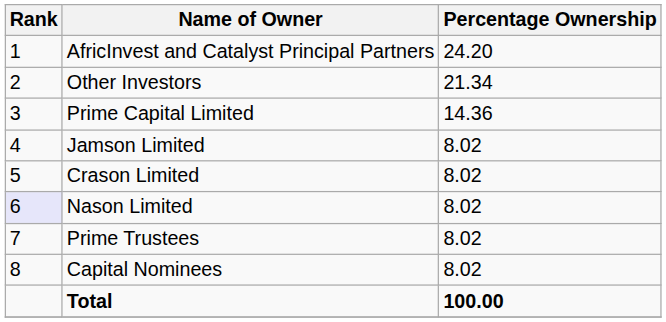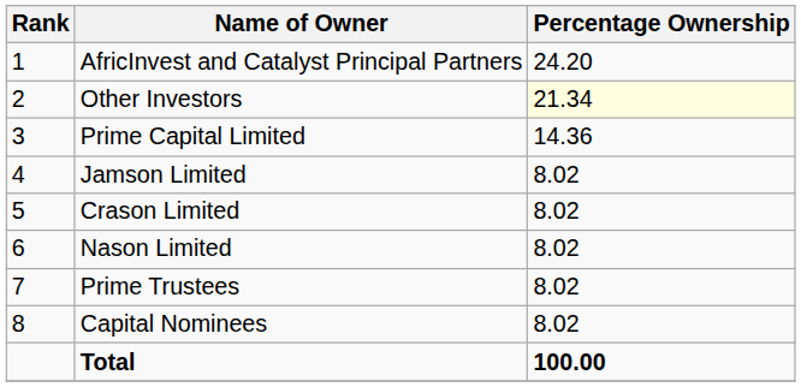 <table class="wikitable sortable" style="margin: 0.5em auto">
 <tr>
 <th>Rank</th>
 <th>Name of Owner</th>
 <th>Percentage Ownership</th>
 </tr>
 <tr>
 <td>1</td>
 <td>AfricInvest and Catalyst Principal Partners</td>
 <td>24.20</td>
 </tr>
 <tr>
 <td>2</td>
 <td>Other Investors</td>
-<td>21.34</td>
+<td style="background: lightyellow;">21.34</td>
 </tr>
 <tr>
 <td>3</td>
 <td>Prime Capital Limited</td>
 <td>14.36</td>
 </tr>
 <tr>
 <td>4</td>
 <td>Jamson Limited</td>
 <td>8.02</td>
 </tr>
 <tr>
 <td>5</td>
 <td>Crason Limited</td>
 <td>8.02</td>
 </tr>
 <tr>
-<td style="background: lavender;">6</td>
+<td>6</td>
 <td>Nason Limited</td>
 <td>8.02</td>
 </tr>
 <tr>
 <td>7</td>
 <td>Prime Trustees</td>
 <td>8.02</td>
 </tr>
 <tr>
 <td>8</td>
 <td>Capital Nominees</td>
 <td>8.02</td>
 </tr>
 <tr>
 <td></td>
 <td><strong>Total</strong></td>
 <td><strong>100.00</strong></td>
 </tr>
 <tr>
 </tr>
 </table>
